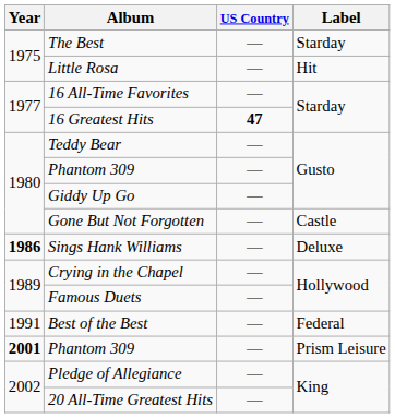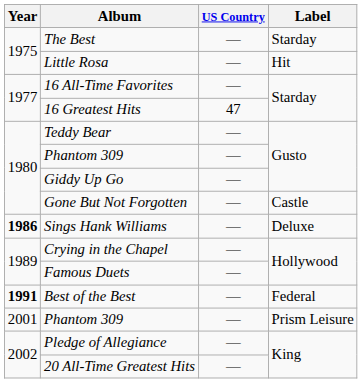 <table class="wikitable">
 <tr>
 <th>Year</th>
 <th>Album</th>
 <th><small><a href='#'>US Country</a></small></th>
 <th>Label</th>
 </tr>
 <tr>
 <td rowspan="2">1975</td>
 <td><em>The Best</em></td>
 <td align="center">—</td>
 <td>Starday</td>
 </tr>
 <tr>
 <td><em>Little Rosa</em></td>
 <td align="center">—</td>
 <td>Hit</td>
 </tr>
 <tr>
 <td rowspan="2">1977</td>
 <td><em>16 All-Time Favorites</em></td>
 <td align="center">—</td>
 <td rowspan="2">Starday</td>
 </tr>
 <tr>
 <td><em>16 Greatest Hits</em></td>
-<td align="center"><strong>47</strong></td>
+<td align="center">47</td>
 </tr>
 <tr>
 <td rowspan="4">1980</td>
 <td><em>Teddy Bear</em></td>
 <td align="center">—</td>
 <td rowspan="3">Gusto</td>
 </tr>
 <tr>
 <td><em>Phantom 309</em></td>
 <td align="center">—</td>
 </tr>
 <tr>
 <td><em>Giddy Up Go</em></td>
 <td align="center">—</td>
 </tr>
 <tr>
 <td><em>Gone But Not Forgotten</em></td>
 <td align="center">—</td>
 <td>Castle</td>
 </tr>
 <tr>
 <td><strong>1986</strong></td>
 <td><em>Sings Hank Williams</em></td>
 <td align="center">—</td>
 <td>Deluxe</td>
 </tr>
 <tr>
 <td rowspan="2">1989</td>
 <td><em>Crying in the Chapel</em></td>
 <td align="center">—</td>
 <td rowspan="2">Hollywood</td>
 </tr>
 <tr>
 <td><em>Famous Duets</em></td>
 <td align="center">—</td>
 </tr>
 <tr>
-<td>1991</td>
+<td><strong>1991</strong></td>
 <td><em>Best of the Best</em></td>
 <td align="center">—</td>
 <td>Federal</td>
 </tr>
 <tr>
-<td><strong>2001</strong></td>
+<td>2001</td>
 <td><em>Phantom 309</em></td>
 <td align="center">—</td>
 <td>Prism Leisure</td>
 </tr>
 <tr>
 <td rowspan="2">2002</td>
 <td><em>Pledge of Allegiance</em></td>
 <td align="center">—</td>
 <td rowspan="2">King</td>
 </tr>
 <tr>
 <td><em>20 All-Time Greatest Hits</em></td>
 <td align="center">—</td>
 </tr>
 </table>
